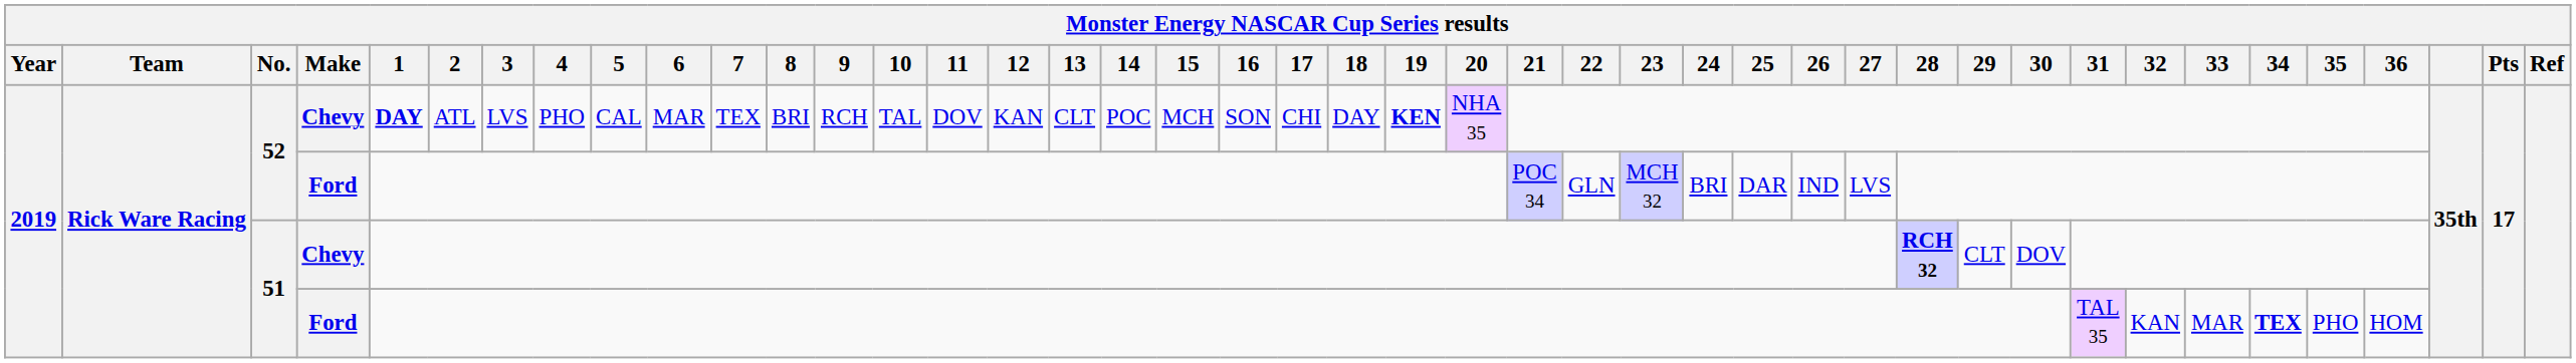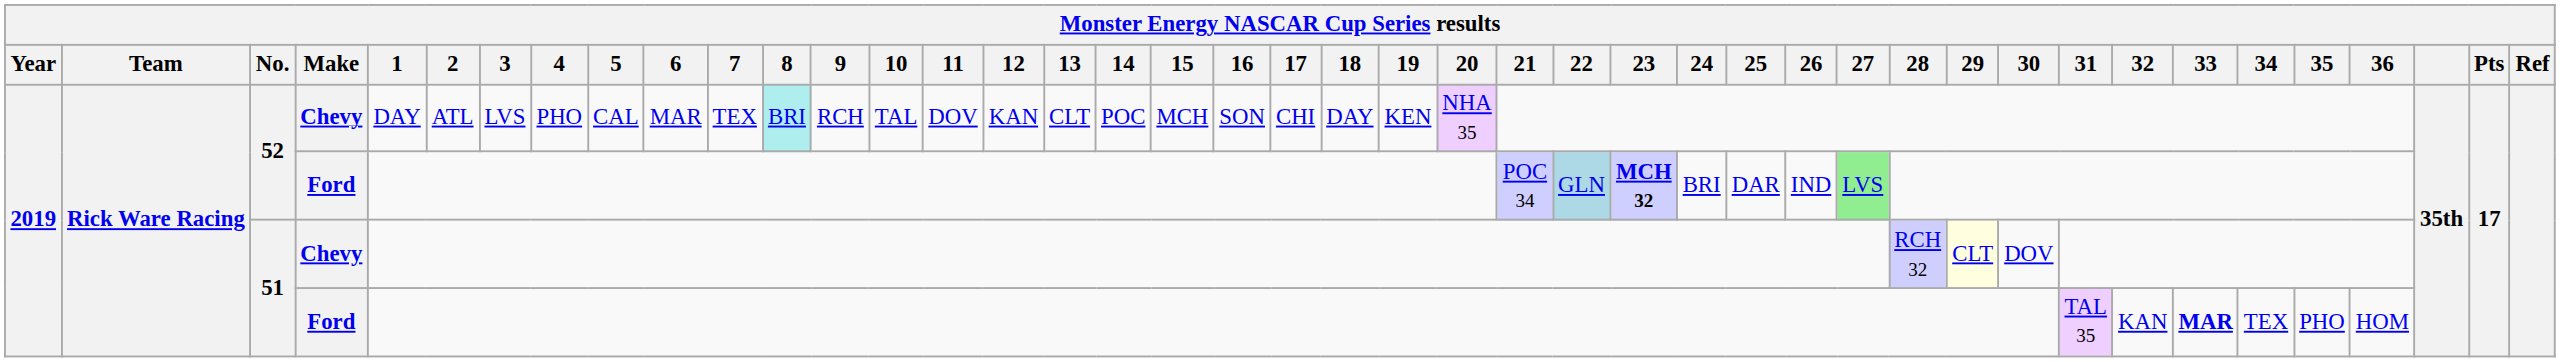 <table class="wikitable" style="text-align:center; font-size:75%">
 <tr>
 <th colspan="43"><a href='#'>Monster Energy NASCAR Cup Series</a> results</th>
 </tr>
 <tr>
 <th>Year</th>
 <th>Team</th>
 <th>No.</th>
 <th>Make</th>
 <th>1</th>
 <th>2</th>
 <th>3</th>
 <th>4</th>
 <th>5</th>
 <th>6</th>
 <th>7</th>
 <th>8</th>
 <th>9</th>
 <th>10</th>
 <th>11</th>
 <th>12</th>
 <th>13</th>
 <th>14</th>
 <th>15</th>
 <th>16</th>
 <th>17</th>
 <th>18</th>
 <th>19</th>
 <th>20</th>
 <th>21</th>
 <th>22</th>
 <th>23</th>
 <th>24</th>
 <th>25</th>
 <th>26</th>
 <th>27</th>
 <th>28</th>
 <th>29</th>
 <th>30</th>
 <th>31</th>
 <th>32</th>
 <th>33</th>
 <th>34</th>
 <th>35</th>
 <th>36</th>
 <th></th>
 <th>Pts</th>
 <th>Ref</th>
 </tr>
 <tr>
 <th rowspan=4><a href='#'>2019</a></th>
 <th rowspan=4><a href='#'>Rick Ware Racing</a></th>
 <th rowspan=2>52</th>
 <th><a href='#'>Chevy</a></th>
-<td><strong><a href='#'>DAY</a></strong></td>
+<td><a href='#'>DAY</a></td>
 <td><a href='#'>ATL</a></td>
 <td><a href='#'>LVS</a></td>
 <td><a href='#'>PHO</a></td>
 <td><a href='#'>CAL</a></td>
 <td><a href='#'>MAR</a></td>
 <td><a href='#'>TEX</a></td>
-<td><a href='#'>BRI</a></td>
+<td style="background: paleturquoise;"><a href='#'>BRI</a></td>
 <td><a href='#'>RCH</a></td>
 <td><a href='#'>TAL</a></td>
 <td><a href='#'>DOV</a></td>
 <td><a href='#'>KAN</a></td>
 <td><a href='#'>CLT</a></td>
 <td><a href='#'>POC</a></td>
 <td><a href='#'>MCH</a></td>
 <td><a href='#'>SON</a></td>
 <td><a href='#'>CHI</a></td>
 <td><a href='#'>DAY</a></td>
-<td><strong><a href='#'>KEN</a></strong></td>
+<td><a href='#'>KEN</a></td>
 <td style="background:#EFCFFF;"><a href='#'>NHA</a><br><small>35</small></td>
 <td colspan=16></td>
 <th rowspan=4>35th</th>
 <th rowspan=4>17</th>
 <th rowspan=4></th>
 </tr>
 <tr>
 <th><a href='#'>Ford</a></th>
 <td colspan=20></td>
 <td style="background:#CFCFFF;"><a href='#'>POC</a><br><small>34</small></td>
-<td><a href='#'>GLN</a></td>
-<td style="background:#CFCFFF;"><a href='#'>MCH</a><br><small>32</small></td>
+<td style="background: lightblue;"><a href='#'>GLN</a></td>
+<td style="background:#CFCFFF;"><strong><a href='#'>MCH</a><br><small>32</small></strong></td>
 <td><a href='#'>BRI</a></td>
 <td><a href='#'>DAR</a></td>
 <td><a href='#'>IND</a></td>
-<td><a href='#'>LVS</a></td>
+<td style="background: lightgreen;"><a href='#'>LVS</a></td>
 <td colspan=9></td>
 </tr>
 <tr>
 <th rowspan=2>51</th>
 <th><a href='#'>Chevy</a></th>
 <td colspan=27></td>
-<td style="background:#CFCFFF;"><strong><a href='#'>RCH</a><br><small>32</small></strong></td>
-<td><a href='#'>CLT</a></td>
+<td style="background:#CFCFFF;"><a href='#'>RCH</a><br><small>32</small></td>
+<td style="background: lightyellow;"><a href='#'>CLT</a></td>
 <td><a href='#'>DOV</a></td>
 <td colspan=6></td>
 </tr>
 <tr>
 <th><a href='#'>Ford</a></th>
 <td colspan=30></td>
 <td style="background:#EFCFFF;"><a href='#'>TAL</a><br><small>35</small></td>
 <td><a href='#'>KAN</a></td>
-<td><a href='#'>MAR</a></td>
-<td><strong><a href='#'>TEX</a></strong></td>
+<td><strong><a href='#'>MAR</a></strong></td>
+<td><a href='#'>TEX</a></td>
 <td><a href='#'>PHO</a></td>
 <td><a href='#'>HOM</a></td>
 </tr>
 </table>
